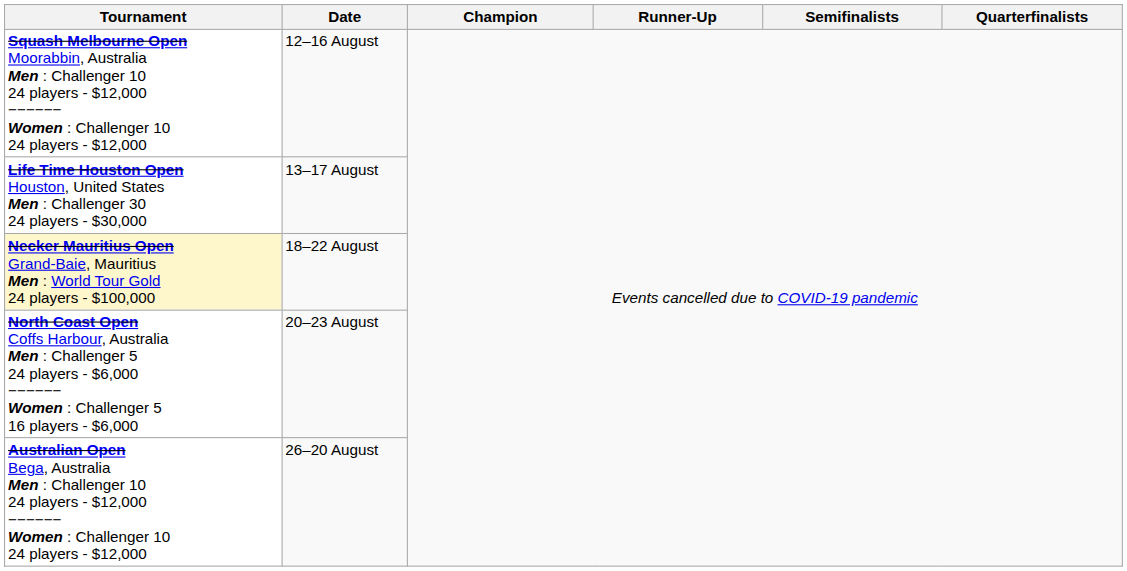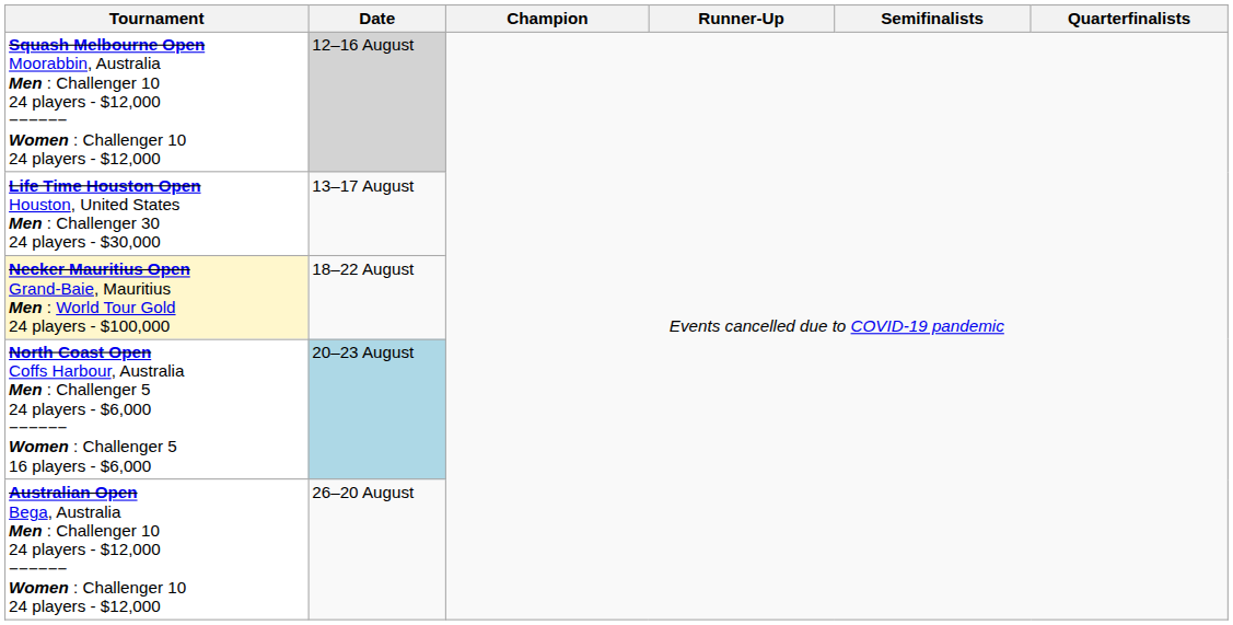 <table class="wikitable" style="font-size:88%">
 <tr>
 <th width=250>Tournament</th>
 <th width=110>Date</th>
 <th width=165>Champion</th>
 <th width=150>Runner-Up</th>
 <th width=160>Semifinalists</th>
 <th width=160>Quarterfinalists</th>
 </tr>
 <tr valign=top>
 <td rowspan=1 style="background:#fff;"><strong><s><a href='#'>Squash Melbourne Open</a></s></strong><br> <a href='#'>Moorabbin</a>, Australia<br><strong> <em>Men</em> </strong>: Challenger 10<br>24 players - $12,000<br>−−−−−−<br><strong> <em>Women</em> </strong>: Challenger 10<br>24 players - $12,000</td>
-<td rowspan=1>12–16 August</td>
+<td rowspan=1 style="background: lightgrey;">12–16 August</td>
 <td colspan="4" rowspan="8" style="vertical-align:middle; text-align:center;"><em>Events cancelled due to <a href='#'>COVID-19 pandemic</a></em></td>
 </tr>
 <tr valign=top>
 <td style="background:#fff;"><strong><s><a href='#'>Life Time Houston Open</a></s></strong><br> <a href='#'>Houston</a>, United States<br><strong> <em>Men</em> </strong>: Challenger 30<br>24 players - $30,000</td>
 <td>13–17 August</td>
 </tr>
 <tr valign=top>
 <td style="background:#fff7cc;"><strong><s><a href='#'>Necker Mauritius Open</a></s></strong><br> <a href='#'>Grand-Baie</a>, Mauritius<br><strong> <em>Men</em> </strong>: <a href='#'>World Tour Gold</a><br>24 players - $100,000</td>
 <td>18–22 August</td>
 </tr>
 <tr valign=top>
 <td rowspan=1 style="background:#fff;"><strong><s><a href='#'>North Coast Open</a></s></strong><br> <a href='#'>Coffs Harbour</a>, Australia<br><strong> <em>Men</em> </strong>: Challenger 5<br>24 players - $6,000<br>−−−−−−<br><strong> <em>Women</em> </strong>: Challenger 5<br>16 players - $6,000</td>
-<td rowspan=1>20–23 August</td>
+<td rowspan=1 style="background: lightblue;">20–23 August</td>
 </tr>
 <tr valign=top>
 <td rowspan=2 style="background:#fff;"><strong><s><a href='#'>Australian Open</a></s></strong><br> <a href='#'>Bega</a>, Australia<br><strong> <em>Men</em> </strong>: Challenger 10<br>24 players - $12,000<br>−−−−−−<br><strong> <em>Women</em> </strong>: Challenger 10<br>24 players - $12,000</td>
 <td rowspan=2>26–20 August</td>
 </tr>
 <tr valign=top>
 </tr>
 </table>
